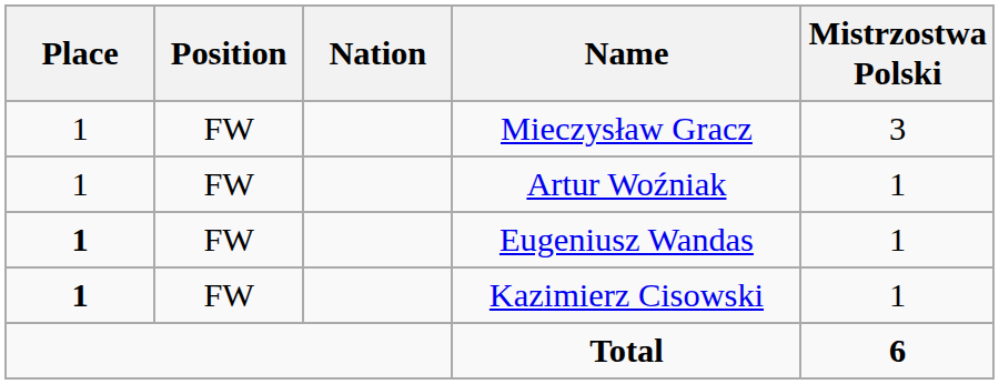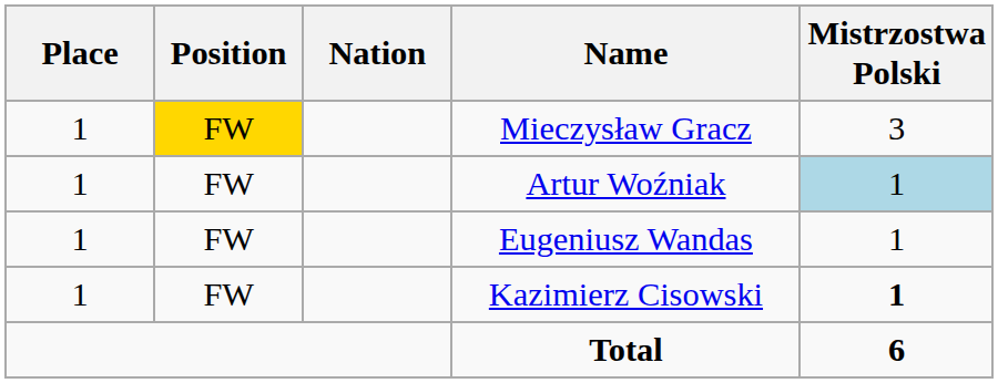 <table class="wikitable" style="font-size: 95%; text-align: center;">
 <tr>
 <th width=60>Place</th>
 <th width=60>Position</th>
 <th width=60>Nation</th>
 <th width=150>Name</th>
 <th width=80>Mistrzostwa Polski</th>
 </tr>
 <tr>
 <td>1</td>
-<td>FW</td>
+<td style="background: gold;">FW</td>
 <td></td>
 <td><a href='#'>Mieczysław Gracz</a></td>
 <td>3</td>
 </tr>
 <tr>
 <td>1</td>
 <td>FW</td>
 <td></td>
 <td><a href='#'>Artur Woźniak</a></td>
-<td>1</td>
+<td style="background: lightblue;">1</td>
 </tr>
 <tr>
-<td><strong>1</strong></td>
+<td>1</td>
 <td>FW</td>
 <td></td>
 <td><a href='#'>Eugeniusz Wandas</a></td>
 <td>1</td>
 </tr>
 <tr>
-<td><strong>1</strong></td>
+<td>1</td>
 <td>FW</td>
 <td></td>
 <td><a href='#'>Kazimierz Cisowski</a></td>
-<td>1</td>
+<td><strong>1</strong></td>
 </tr>
 <tr>
 <td colspan="3"></td>
 <td><strong>Total</strong></td>
 <td><strong>6</strong></td>
 </tr>
 </table>
